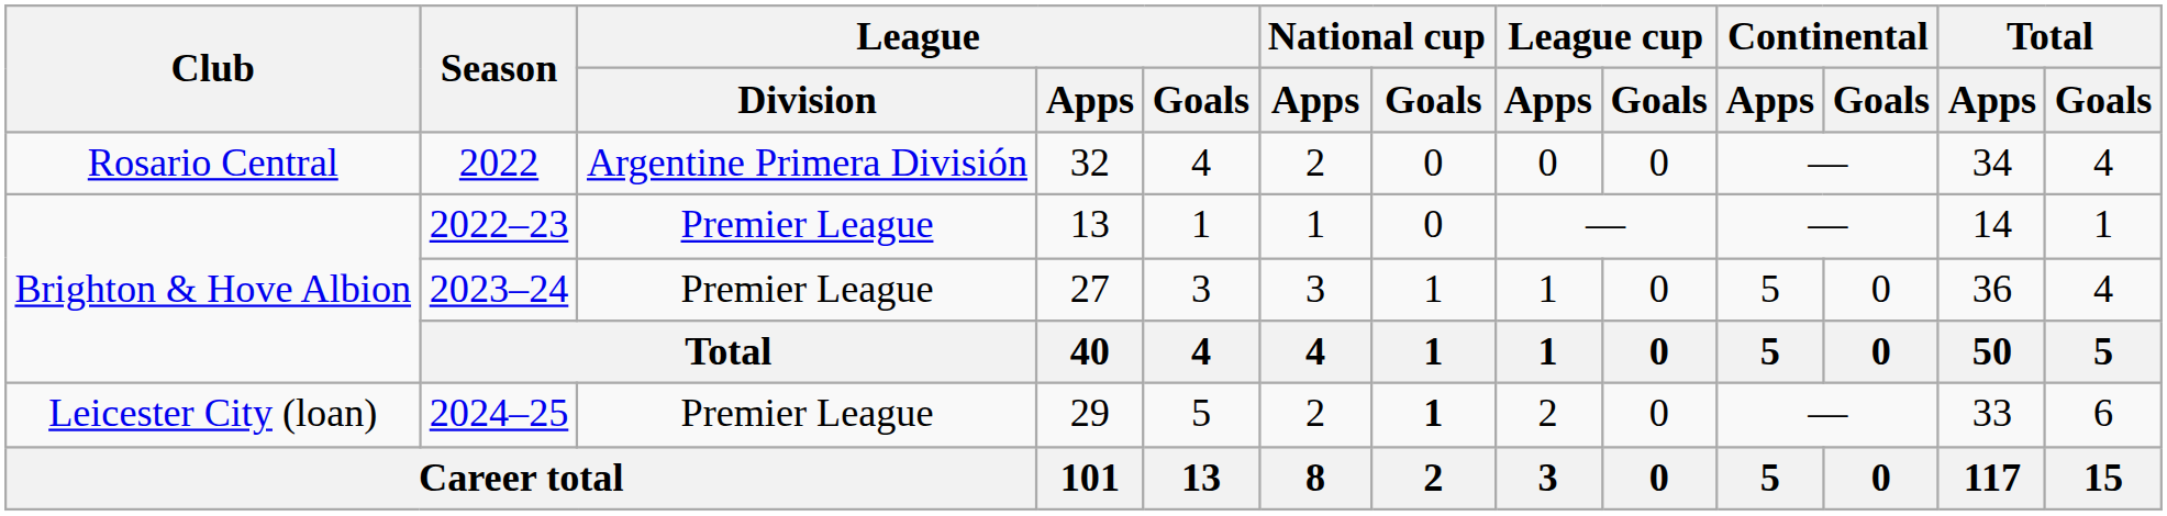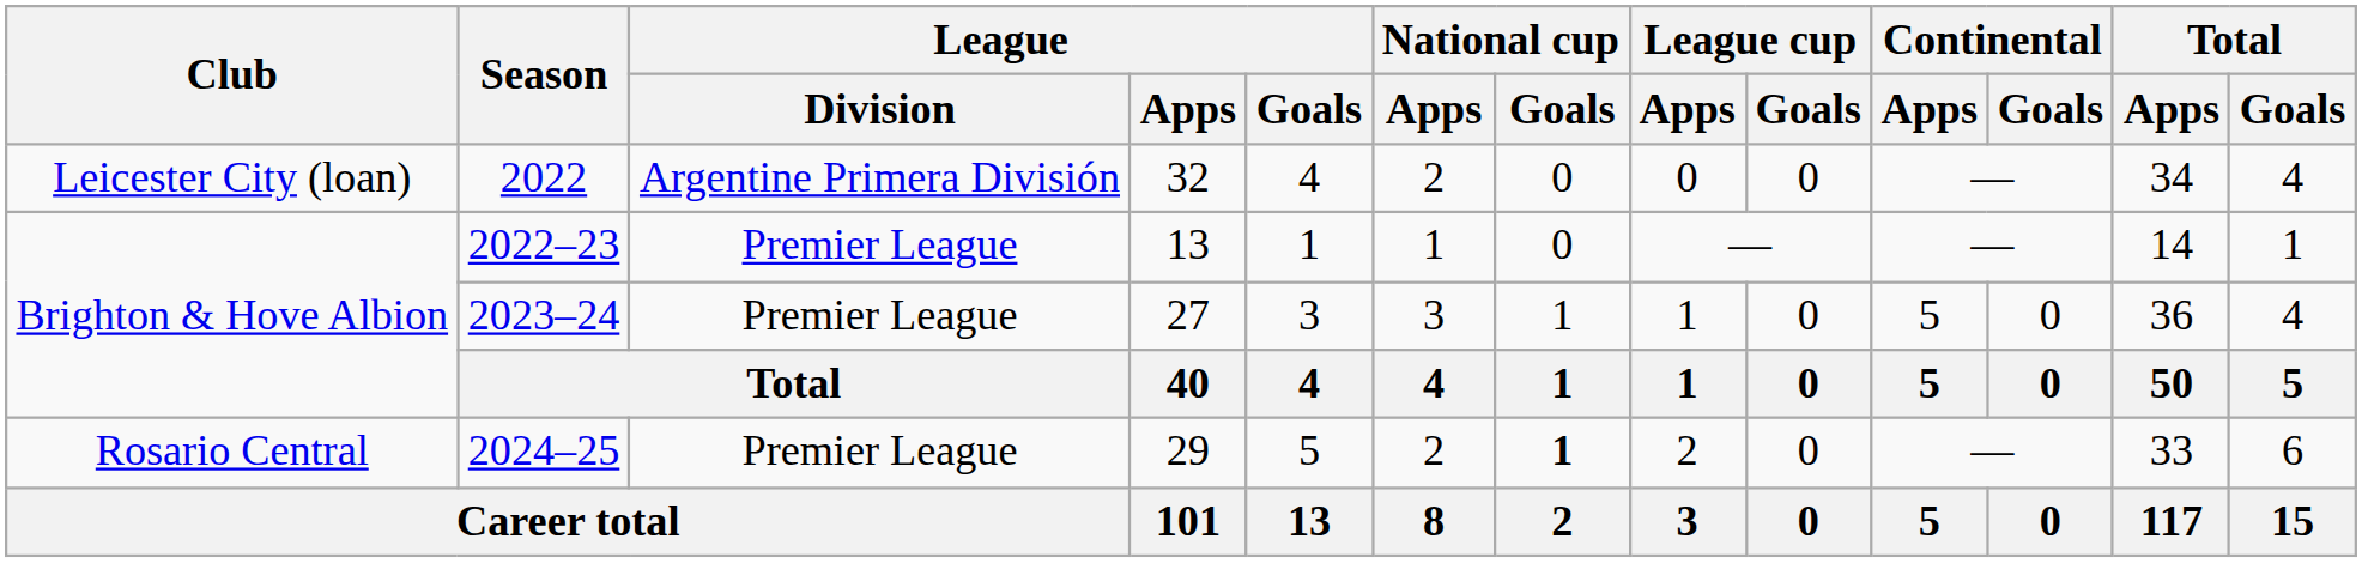 <table class="wikitable" style="text-align:center">
 <tr>
 <th rowspan="2">Club</th>
 <th rowspan="2">Season</th>
 <th colspan="3">League</th>
 <th colspan="2">National cup</th>
 <th colspan="2">League cup</th>
 <th colspan="2">Continental</th>
 <th colspan="2">Total</th>
 </tr>
 <tr>
 <th>Division</th>
 <th>Apps</th>
 <th>Goals</th>
 <th>Apps</th>
 <th>Goals</th>
 <th>Apps</th>
 <th>Goals</th>
 <th>Apps</th>
 <th>Goals</th>
 <th>Apps</th>
 <th>Goals</th>
 </tr>
 <tr>
-<td><a href='#'>Rosario Central</a></td>
+<td><a href='#'>Leicester City</a> (loan)</td>
 <td><a href='#'>2022</a></td>
 <td><a href='#'>Argentine Primera División</a></td>
 <td>32</td>
 <td>4</td>
 <td>2</td>
 <td>0</td>
 <td>0</td>
 <td>0</td>
 <td colspan="2">—</td>
 <td>34</td>
 <td>4</td>
 </tr>
 <tr>
 <td rowspan="3"><a href='#'>Brighton & Hove Albion</a></td>
 <td><a href='#'>2022–23</a></td>
 <td><a href='#'>Premier League</a></td>
 <td>13</td>
 <td>1</td>
 <td>1</td>
 <td>0</td>
 <td colspan="2">—</td>
 <td colspan="2">—</td>
 <td>14</td>
 <td>1</td>
 </tr>
 <tr>
 <td><a href='#'>2023–24</a></td>
 <td>Premier League</td>
 <td>27</td>
 <td>3</td>
 <td>3</td>
 <td>1</td>
 <td>1</td>
 <td>0</td>
 <td>5</td>
 <td>0</td>
 <td>36</td>
 <td>4</td>
 </tr>
 <tr>
 <th colspan="2">Total</th>
 <th>40</th>
 <th>4</th>
 <th>4</th>
 <th>1</th>
 <th>1</th>
 <th>0</th>
 <th>5</th>
 <th>0</th>
 <th>50</th>
 <th>5</th>
 </tr>
 <tr>
-<td><a href='#'>Leicester City</a> (loan)</td>
+<td><a href='#'>Rosario Central</a></td>
 <td><a href='#'>2024–25</a></td>
 <td>Premier League</td>
 <td>29</td>
 <td>5</td>
 <td>2</td>
 <td><strong>1</strong></td>
 <td>2</td>
 <td>0</td>
 <td colspan="2">—</td>
 <td>33</td>
 <td>6</td>
 </tr>
 <tr>
 <th colspan="3">Career total</th>
 <th>101</th>
 <th>13</th>
 <th>8</th>
 <th>2</th>
 <th>3</th>
 <th>0</th>
 <th>5</th>
 <th>0</th>
 <th>117</th>
 <th>15</th>
 </tr>
 </table>
